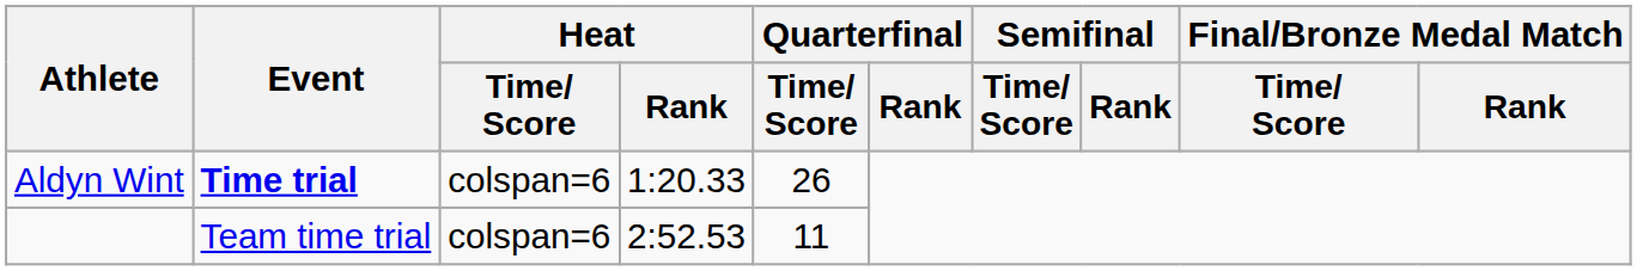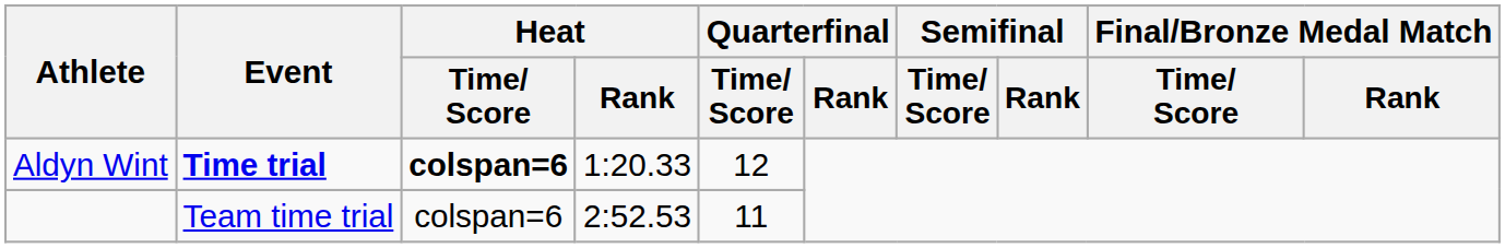 <table class=wikitable style=font-size:90%>
 <tr>
 <th rowspan=2>Athlete</th>
 <th rowspan=2>Event</th>
 <th colspan=2>Heat</th>
 <th colspan=2>Quarterfinal</th>
 <th colspan=2>Semifinal</th>
 <th colspan=2>Final/Bronze Medal Match</th>
 </tr>
 <tr style=font-size:95%>
 <th>Time/<br>Score</th>
 <th>Rank</th>
 <th>Time/<br>Score</th>
 <th>Rank</th>
 <th>Time/<br>Score</th>
 <th>Rank</th>
 <th>Time/<br>Score</th>
 <th>Rank</th>
 </tr>
 <tr align=center>
 <td align=left><a href='#'>Aldyn Wint</a></td>
 <td align=left><strong><a href='#'>Time trial</a></strong></td>
-<td>colspan=6 </td>
+<td><strong>colspan=6 </strong></td>
 <td>1:20.33</td>
-<td>26</td>
+<td>12</td>
 </tr>
 <tr align=center>
 <td align=left></td>
 <td align=left><a href='#'>Team time trial</a></td>
 <td>colspan=6 </td>
 <td>2:52.53</td>
 <td>11</td>
 </tr>
 </table>
